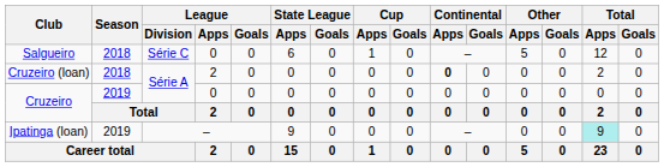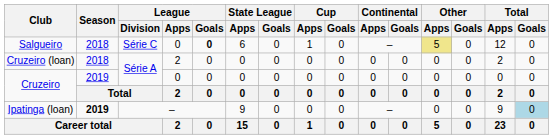 <table class="wikitable" style="text-align: center">
 <tr>
 <th rowspan="2">Club</th>
 <th rowspan="2">Season</th>
 <th colspan="3">League</th>
 <th colspan="2">State League</th>
 <th colspan="2">Cup</th>
 <th colspan="2">Continental</th>
 <th colspan="2">Other</th>
 <th colspan="2">Total</th>
 </tr>
 <tr>
 <th>Division</th>
 <th>Apps</th>
 <th>Goals</th>
 <th>Apps</th>
 <th>Goals</th>
 <th>Apps</th>
 <th>Goals</th>
 <th>Apps</th>
 <th>Goals</th>
 <th>Apps</th>
 <th>Goals</th>
 <th>Apps</th>
 <th>Goals</th>
 </tr>
 <tr>
 <td><a href='#'>Salgueiro</a></td>
 <td><a href='#'>2018</a></td>
 <td><a href='#'>Série C</a></td>
 <td>0</td>
-<td>0</td>
+<td><strong>0</strong></td>
 <td>6</td>
 <td>0</td>
 <td>1</td>
 <td>0</td>
 <td colspan="2">–</td>
-<td>5</td>
+<td style="background: khaki;">5</td>
 <td>0</td>
 <td>12</td>
 <td>0</td>
 </tr>
 <tr>
 <td><a href='#'>Cruzeiro</a> (loan)</td>
 <td><a href='#'>2018</a></td>
 <td rowspan="2"><a href='#'>Série A</a></td>
 <td>2</td>
 <td>0</td>
 <td>0</td>
 <td>0</td>
 <td>0</td>
 <td>0</td>
-<td><strong>0</strong></td>
+<td>0</td>
 <td>0</td>
 <td>0</td>
 <td>0</td>
 <td>2</td>
 <td>0</td>
 </tr>
 <tr>
 <td rowspan="2"><a href='#'>Cruzeiro</a></td>
 <td><a href='#'>2019</a></td>
 <td>0</td>
 <td>0</td>
 <td>0</td>
 <td>0</td>
 <td>0</td>
 <td>0</td>
 <td>0</td>
 <td>0</td>
 <td>0</td>
 <td>0</td>
 <td>0</td>
 <td>0</td>
 </tr>
 <tr>
 <th colspan="2"><strong>Total</strong></th>
 <th>2</th>
 <th>0</th>
 <th>0</th>
 <th>0</th>
 <th>0</th>
 <th>0</th>
 <th>0</th>
 <th>0</th>
 <th>0</th>
 <th>0</th>
 <th>2</th>
 <th>0</th>
 </tr>
 <tr>
 <td><a href='#'>Ipatinga</a> (loan)</td>
-<td>2019</td>
+<td><strong>2019</strong></td>
 <td colspan="3">–</td>
 <td>9</td>
 <td>0</td>
 <td>0</td>
 <td>0</td>
 <td colspan="2">–</td>
 <td>0</td>
 <td>0</td>
-<td style="background: paleturquoise;">9</td>
-<td>0</td>
+<td>9</td>
+<td style="background: lightblue;">0</td>
 </tr>
 <tr>
 <th colspan="3"><strong>Career total</strong></th>
 <th>2</th>
 <th>0</th>
 <th>15</th>
 <th>0</th>
 <th>1</th>
 <th>0</th>
 <th>0</th>
 <th>0</th>
 <th>5</th>
 <th>0</th>
 <th>23</th>
 <th>0</th>
 </tr>
 </table>
